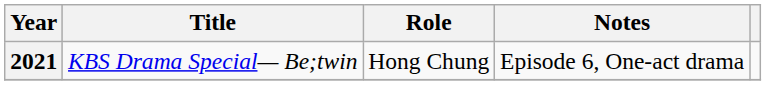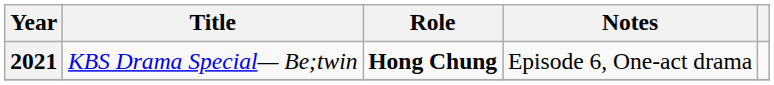 <table class="wikitable plainrowheaders sortable">
 <tr>
 <th scope="col">Year</th>
 <th scope="col">Title</th>
 <th scope="col">Role</th>
 <th scope="col">Notes</th>
 <th scope="col" class="unsortable"></th>
 </tr>
 <tr>
 <th scope="row">2021</th>
 <td><em><a href='#'>KBS Drama Special</a>— Be;twin</em></td>
-<td>Hong Chung</td>
+<td><strong>Hong Chung</strong></td>
 <td>Episode 6, One-act drama</td>
 <td style="text-align:center"></td>
 </tr>
 <tr>
 </tr>
 </table>
